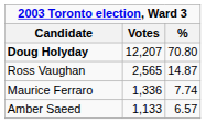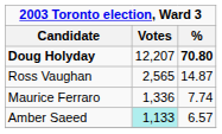 <table class="wikitable">
 <tr>
 <td Colspan="3" align="center"><strong><a href='#'>2003 Toronto election</a>, Ward 3</strong></td>
 </tr>
 <tr>
 <th width="150" bgcolor="#ddddff">Candidate</th>
 <th bgcolor="#ddddff">Votes</th>
 <th bgcolor="#ddddff">%</th>
 </tr>
 <tr>
 <td><strong>Doug Holyday</strong></td>
 <td align=right>12,207</td>
-<td align=right>70.80</td>
+<td align=right><strong>70.80</strong></td>
 </tr>
 <tr>
 <td>Ross Vaughan</td>
 <td align=right>2,565</td>
 <td align=right>14.87</td>
 </tr>
 <tr>
 <td>Maurice Ferraro</td>
 <td align=right>1,336</td>
 <td align=right>7.74</td>
 </tr>
 <tr>
 <td>Amber Saeed</td>
-<td align=right>1,133</td>
+<td align=right style="background: paleturquoise;">1,133</td>
 <td align=right>6.57</td>
 </tr>
 <tr>
 </tr>
 </table>
